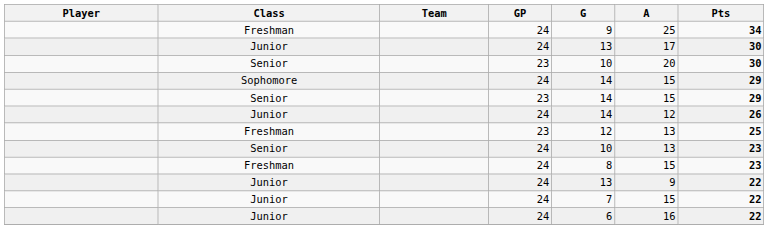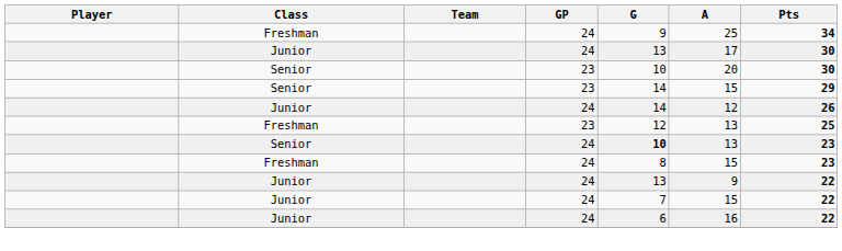 <table class="wikitable sortable" style="text-align: center; "width=60%">
 <tr>
 <th>Player</th>
 <th>Class</th>
 <th>Team</th>
 <th>GP</th>
 <th>G</th>
 <th>A</th>
 <th>Pts</th>
 </tr>
 <tr>
 <td style="text-align: left"></td>
 <td>Freshman</td>
 <td><strong><a href='#'></a></strong></td>
 <td style="text-align: right">24</td>
 <td style="text-align: right">9</td>
 <td style="text-align: right">25</td>
 <td style="text-align: right"><strong>34</strong></td>
 </tr>
 <tr bgcolor=f0f0f0>
 <td style="text-align: left"></td>
 <td>Junior</td>
 <td><strong><a href='#'></a></strong></td>
 <td style="text-align: right">24</td>
 <td style="text-align: right">13</td>
 <td style="text-align: right">17</td>
 <td style="text-align: right"><strong>30</strong></td>
 </tr>
 <tr>
 <td style="text-align: left"></td>
 <td>Senior</td>
 <td><strong><a href='#'></a></strong></td>
 <td style="text-align: right">23</td>
 <td style="text-align: right">10</td>
 <td style="text-align: right">20</td>
 <td style="text-align: right"><strong>30</strong></td>
 </tr>
-<tr bgcolor=f0f0f0>
-<td style="text-align: left"></td>
-<td>Sophomore</td>
-<td><strong><a href='#'></a></strong></td>
-<td style="text-align: right">24</td>
-<td style="text-align: right">14</td>
-<td style="text-align: right">15</td>
-<td style="text-align: right"><strong>29</strong></td>
-</tr>
 <tr>
 <td style="text-align: left"></td>
 <td>Senior</td>
 <td><strong><a href='#'></a></strong></td>
 <td style="text-align: right">23</td>
 <td style="text-align: right">14</td>
 <td style="text-align: right">15</td>
 <td style="text-align: right"><strong>29</strong></td>
 </tr>
 <tr bgcolor=f0f0f0>
 <td style="text-align: left"></td>
 <td>Junior</td>
 <td><strong><a href='#'></a></strong></td>
 <td style="text-align: right">24</td>
 <td style="text-align: right">14</td>
 <td style="text-align: right">12</td>
 <td style="text-align: right"><strong>26</strong></td>
 </tr>
 <tr>
 <td style="text-align: left"></td>
 <td>Freshman</td>
 <td><strong><a href='#'></a></strong></td>
 <td style="text-align: right">23</td>
 <td style="text-align: right">12</td>
 <td style="text-align: right">13</td>
 <td style="text-align: right"><strong>25</strong></td>
 </tr>
 <tr bgcolor=f0f0f0>
 <td style="text-align: left"></td>
 <td>Senior</td>
 <td><strong><a href='#'></a></strong></td>
 <td style="text-align: right">24</td>
-<td style="text-align: right">10</td>
+<td style="text-align: right"><strong>10</strong></td>
 <td style="text-align: right">13</td>
 <td style="text-align: right"><strong>23</strong></td>
 </tr>
 <tr>
 <td style="text-align: left"></td>
 <td>Freshman</td>
 <td><strong><a href='#'></a></strong></td>
 <td style="text-align: right">24</td>
 <td style="text-align: right">8</td>
 <td style="text-align: right">15</td>
 <td style="text-align: right"><strong>23</strong></td>
 </tr>
 <tr bgcolor=f0f0f0>
 <td style="text-align: left"></td>
 <td>Junior</td>
 <td><strong><a href='#'></a></strong></td>
 <td style="text-align: right">24</td>
 <td style="text-align: right">13</td>
 <td style="text-align: right">9</td>
 <td style="text-align: right"><strong>22</strong></td>
 </tr>
 <tr>
 <td style="text-align: left"></td>
 <td>Junior</td>
 <td><strong><a href='#'></a></strong></td>
 <td style="text-align: right">24</td>
 <td style="text-align: right">7</td>
 <td style="text-align: right">15</td>
 <td style="text-align: right"><strong>22</strong></td>
 </tr>
 <tr bgcolor=f0f0f0>
 <td style="text-align: left"></td>
 <td>Junior</td>
 <td><strong><a href='#'></a></strong></td>
 <td style="text-align: right">24</td>
 <td style="text-align: right">6</td>
 <td style="text-align: right">16</td>
 <td style="text-align: right"><strong>22</strong></td>
 </tr>
 <tr>
 </tr>
 </table>
